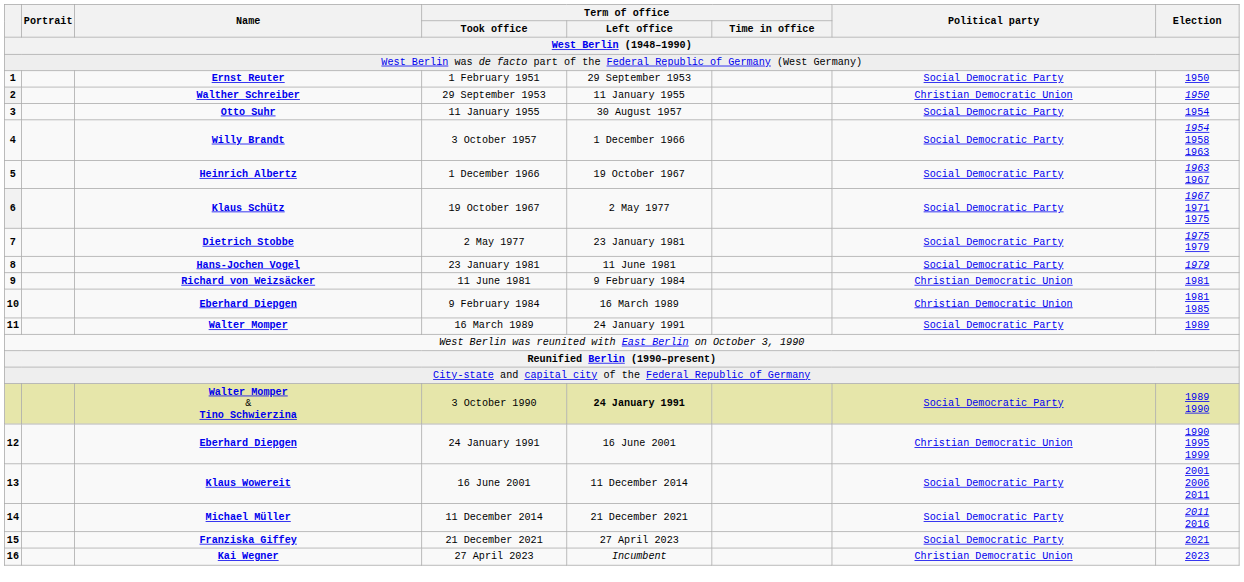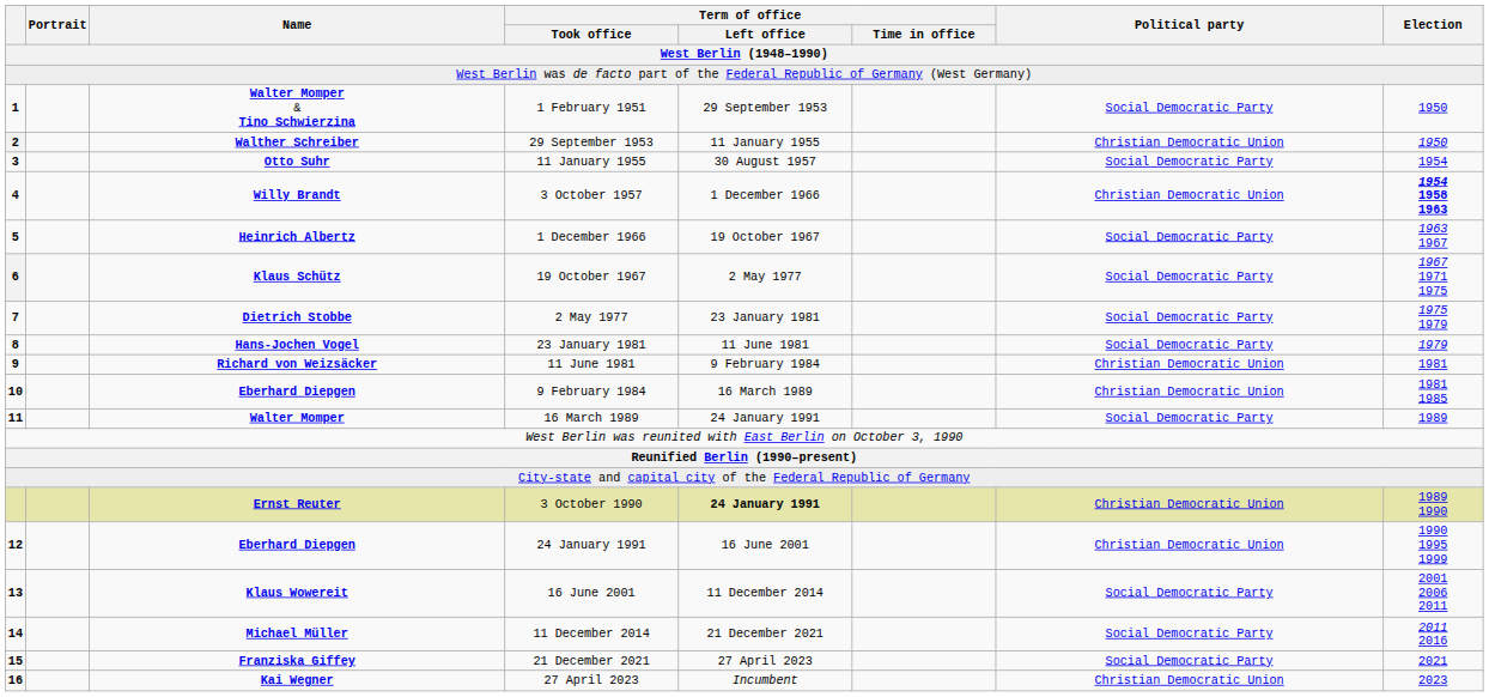 <table class="wikitable" style="text-align:center; width:100%; border:1px #AAAAFF solid">
 <tr>
 <th rowspan=2></th>
 <th rowspan=2>Portrait</th>
 <th width=30% rowspan=2>Name<br></th>
 <th width=35% colspan=3>Term of office</th>
 <th width=28% rowspan=2>Political party</th>
 <th width=28% rowspan=2>Election</th>
 </tr>
 <tr>
 <th>Took office</th>
 <th>Left office</th>
 <th>Time in office</th>
 </tr>
 <tr>
 <th colspan="8"><a href='#'>West Berlin</a> (1948–1990)</th>
 </tr>
 <tr>
 <td bgcolor=#EEEEEE colspan=8><a href='#'>West Berlin</a> was <em>de facto</em> part of the <a href='#'>Federal Republic of Germany</a> (West Germany)</td>
 </tr>
 <tr>
 <td style="background:"><strong>1</strong></td>
 <td></td>
-<td><strong><a href='#'>Ernst Reuter</a></strong><br></td>
+<td><strong><a href='#'>Walter Momper</a></strong><br> &<br><strong><a href='#'>Tino Schwierzina</a></strong><br></td>
 <td>1 February 1951</td>
 <td>29 September 1953<br></td>
 <td></td>
 <td><a href='#'>Social Democratic Party</a></td>
 <td><a href='#'>1950</a></td>
 </tr>
 <tr>
 <th style="background:"><strong>2</strong></th>
 <td></td>
 <td><strong><a href='#'>Walther Schreiber</a></strong><br></td>
 <td>29 September 1953</td>
 <td>11 January 1955</td>
 <td></td>
 <td><a href='#'>Christian Democratic Union</a></td>
 <td><em><a href='#'>1950</a></em></td>
 </tr>
 <tr>
 <td style="background:"><strong>3</strong></td>
 <td></td>
 <td><strong><a href='#'>Otto Suhr</a></strong><br></td>
 <td>11 January 1955</td>
 <td>30 August 1957<br></td>
 <td></td>
 <td><a href='#'>Social Democratic Party</a></td>
 <td><a href='#'>1954</a></td>
 </tr>
 <tr>
 <td style="background:"><strong>4</strong></td>
 <td></td>
 <td><strong><a href='#'>Willy Brandt</a></strong><br></td>
 <td>3 October 1957</td>
 <td>1 December 1966<br></td>
 <td></td>
-<td><a href='#'>Social Democratic Party</a></td>
-<td><em><a href='#'>1954</a></em><br><a href='#'>1958</a><br><a href='#'>1963</a></td>
+<td><a href='#'>Christian Democratic Union</a></td>
+<td><strong><em><a href='#'>1954</a></em><br><a href='#'>1958</a><br><a href='#'>1963</a></strong></td>
 </tr>
 <tr>
 <td style="background:"><strong>5</strong></td>
 <td></td>
 <td><strong><a href='#'>Heinrich Albertz</a></strong><br></td>
 <td>1 December 1966</td>
 <td>19 October 1967<br></td>
 <td></td>
 <td><a href='#'>Social Democratic Party</a></td>
 <td><em><a href='#'>1963</a></em><br><a href='#'>1967</a></td>
 </tr>
 <tr>
 <th style="background:"><strong>6</strong></th>
 <td></td>
 <td><strong><a href='#'>Klaus Schütz</a></strong><br></td>
 <td>19 October 1967</td>
 <td>2 May 1977<br></td>
 <td></td>
 <td><a href='#'>Social Democratic Party</a></td>
 <td><em><a href='#'>1967</a></em><br><a href='#'>1971</a><br><a href='#'>1975</a></td>
 </tr>
 <tr>
 <td style="background:"><strong>7</strong></td>
 <td></td>
 <td><strong><a href='#'>Dietrich Stobbe</a></strong><br></td>
 <td>2 May 1977</td>
 <td>23 January 1981<br></td>
 <td></td>
 <td><a href='#'>Social Democratic Party</a></td>
 <td><em><a href='#'>1975</a></em><br><a href='#'>1979</a></td>
 </tr>
 <tr>
 <td style="background:"><strong>8</strong></td>
 <td></td>
 <td><strong><a href='#'>Hans-Jochen Vogel</a></strong><br></td>
 <td>23 January 1981</td>
 <td>11 June 1981</td>
 <td></td>
 <td><a href='#'>Social Democratic Party</a></td>
 <td><em><a href='#'>1979</a></em></td>
 </tr>
 <tr>
 <td style="background:"><strong>9</strong></td>
 <td></td>
 <td><strong><a href='#'>Richard von Weizsäcker</a></strong><br></td>
 <td>11 June 1981</td>
 <td>9 February 1984<br></td>
 <td></td>
 <td><a href='#'>Christian Democratic Union</a></td>
 <td><a href='#'>1981</a></td>
 </tr>
 <tr>
 <td style="background:"><strong>10</strong></td>
 <td></td>
 <td><strong><a href='#'>Eberhard Diepgen</a></strong><br></td>
 <td>9 February 1984</td>
 <td>16 March 1989</td>
 <td></td>
 <td><a href='#'>Christian Democratic Union</a></td>
 <td><a href='#'>1981</a><br><a href='#'>1985</a></td>
 </tr>
 <tr>
 <td style="background:"><strong>11</strong></td>
 <td></td>
 <td><strong><a href='#'>Walter Momper</a></strong><br></td>
 <td>16 March 1989</td>
 <td>24 January 1991</td>
 <td></td>
 <td><a href='#'>Social Democratic Party</a></td>
 <td><a href='#'>1989</a></td>
 </tr>
 <tr>
 <td colspan="8"><em>West Berlin was reunited with <a href='#'>East Berlin</a> on October 3, 1990</em></td>
 </tr>
 <tr>
 <th colspan="8">Reunified <a href='#'>Berlin</a> (1990–present)</th>
 </tr>
 <tr>
 <td bgcolor=#EEEEEE colspan=8><a href='#'>City-state</a> and <a href='#'>capital city</a> of the <a href='#'>Federal Republic of Germany</a></td>
 </tr>
 <tr style="background-color: #E6E6AA" |>
 <td style="background: "></td>
 <td></td>
-<td><strong><a href='#'>Walter Momper</a></strong><br> &<br><strong><a href='#'>Tino Schwierzina</a></strong><br></td>
+<td><strong><a href='#'>Ernst Reuter</a></strong><br></td>
 <td>3 October 1990</td>
 <td><strong>24 January 1991</strong></td>
 <td></td>
-<td><a href='#'>Social Democratic Party</a></td>
+<td><a href='#'>Christian Democratic Union</a></td>
 <td><a href='#'>1989</a> <br><a href='#'>1990</a> </td>
 </tr>
 <tr>
 <td style="background: "><strong>12</strong><br><strong></strong></td>
 <td></td>
 <td><strong><a href='#'>Eberhard Diepgen</a></strong><br></td>
 <td>24 January 1991</td>
 <td>16 June 2001<br></td>
 <td></td>
 <td><a href='#'>Christian Democratic Union</a></td>
 <td><a href='#'>1990</a><br><a href='#'>1995</a><br><a href='#'>1999</a></td>
 </tr>
 <tr>
 <td style="background: "><strong>13</strong></td>
 <td></td>
 <td><strong><a href='#'>Klaus Wowereit</a></strong><br></td>
 <td>16 June 2001</td>
 <td>11 December 2014<br></td>
 <td></td>
 <td><a href='#'>Social Democratic Party</a></td>
 <td><a href='#'>2001</a><br><a href='#'>2006</a><br><a href='#'>2011</a></td>
 </tr>
 <tr>
 <td style="background: "><strong>14</strong></td>
 <td></td>
 <td><strong><a href='#'>Michael Müller</a></strong><br></td>
 <td>11 December 2014</td>
 <td>21 December 2021</td>
 <td></td>
 <td><a href='#'>Social Democratic Party</a></td>
 <td><em><a href='#'>2011</a></em><br><a href='#'>2016</a></td>
 </tr>
 <tr>
 <td style="background: "><strong>15</strong></td>
 <td></td>
 <td><strong><a href='#'>Franziska Giffey</a></strong><br></td>
 <td>21 December 2021</td>
 <td>27 April 2023</td>
 <td></td>
 <td><a href='#'>Social Democratic Party</a></td>
 <td><a href='#'>2021</a></td>
 </tr>
 <tr>
 <td style="background: "><strong>16</strong></td>
 <td></td>
 <td><strong><a href='#'>Kai Wegner</a></strong><br></td>
 <td>27 April 2023</td>
 <td><em>Incumbent</em></td>
 <td></td>
 <td><a href='#'>Christian Democratic Union</a></td>
 <td><a href='#'>2023</a></td>
 </tr>
 </table>
